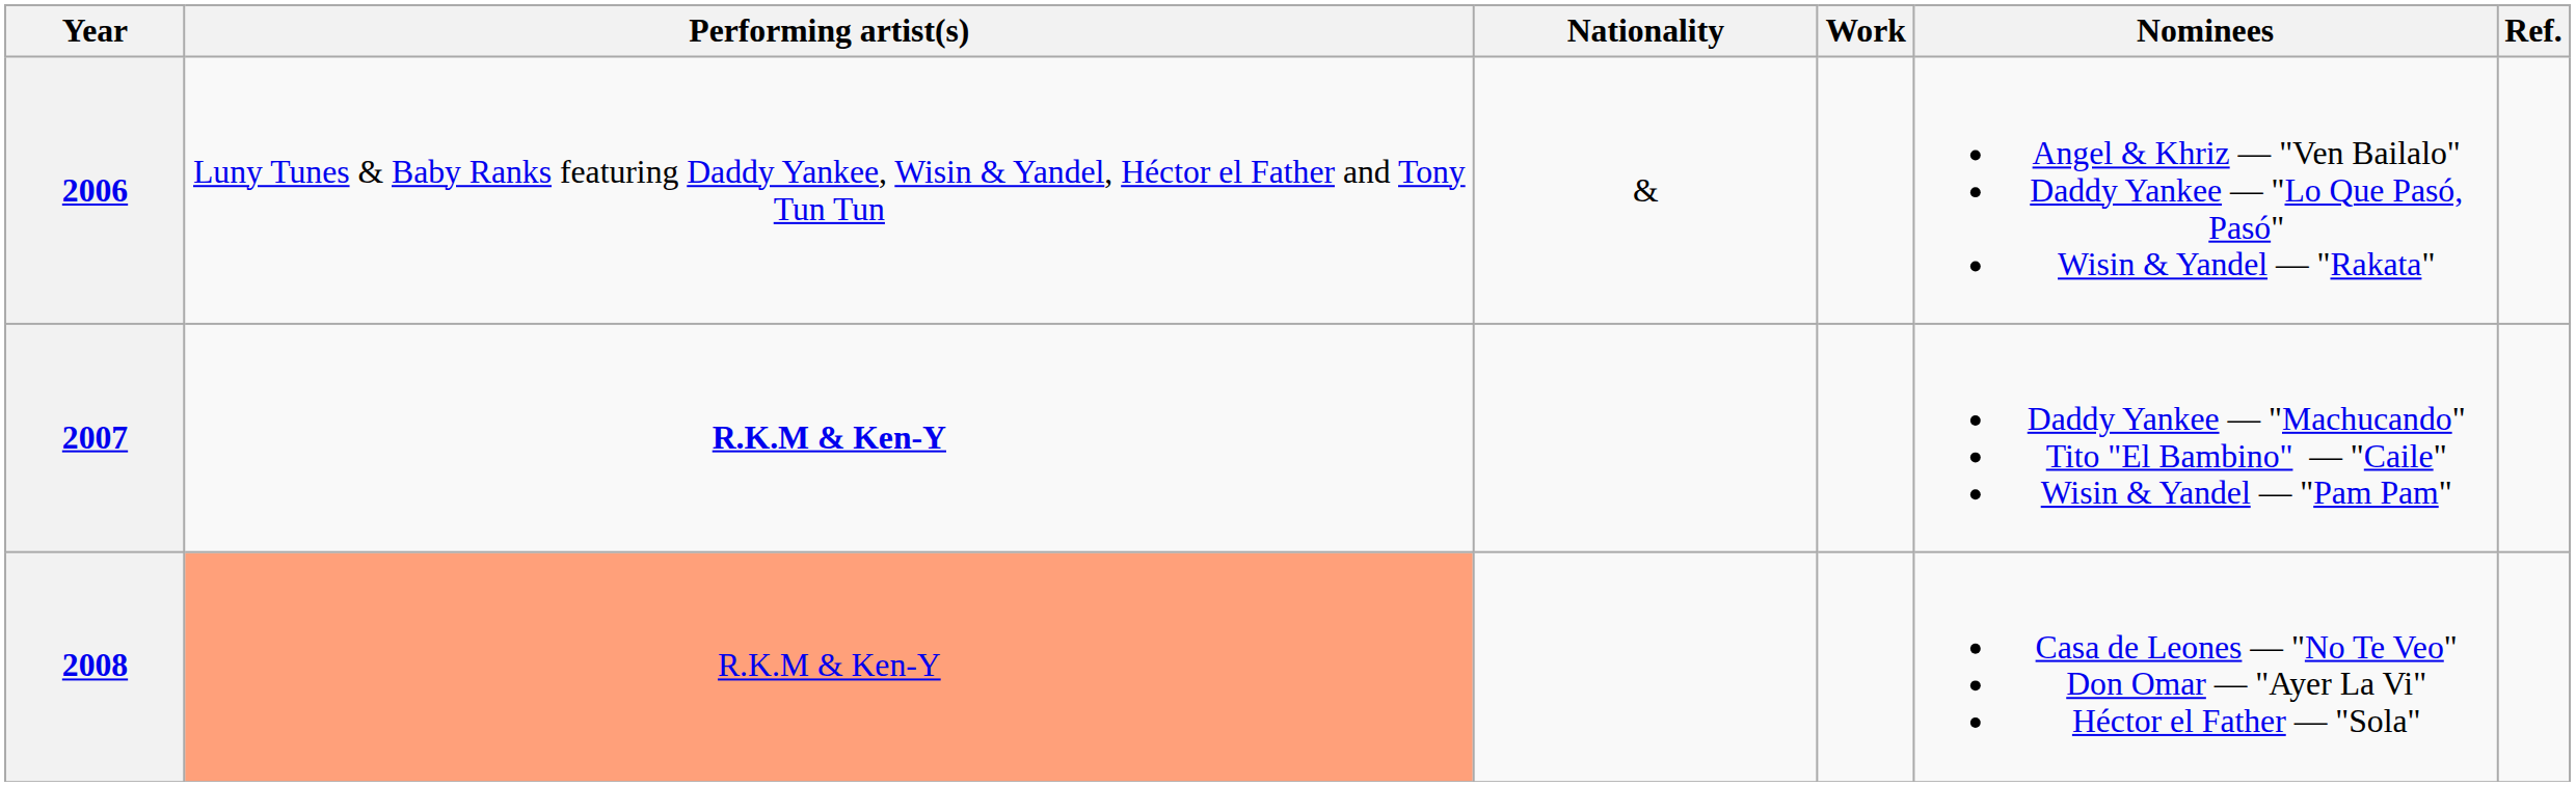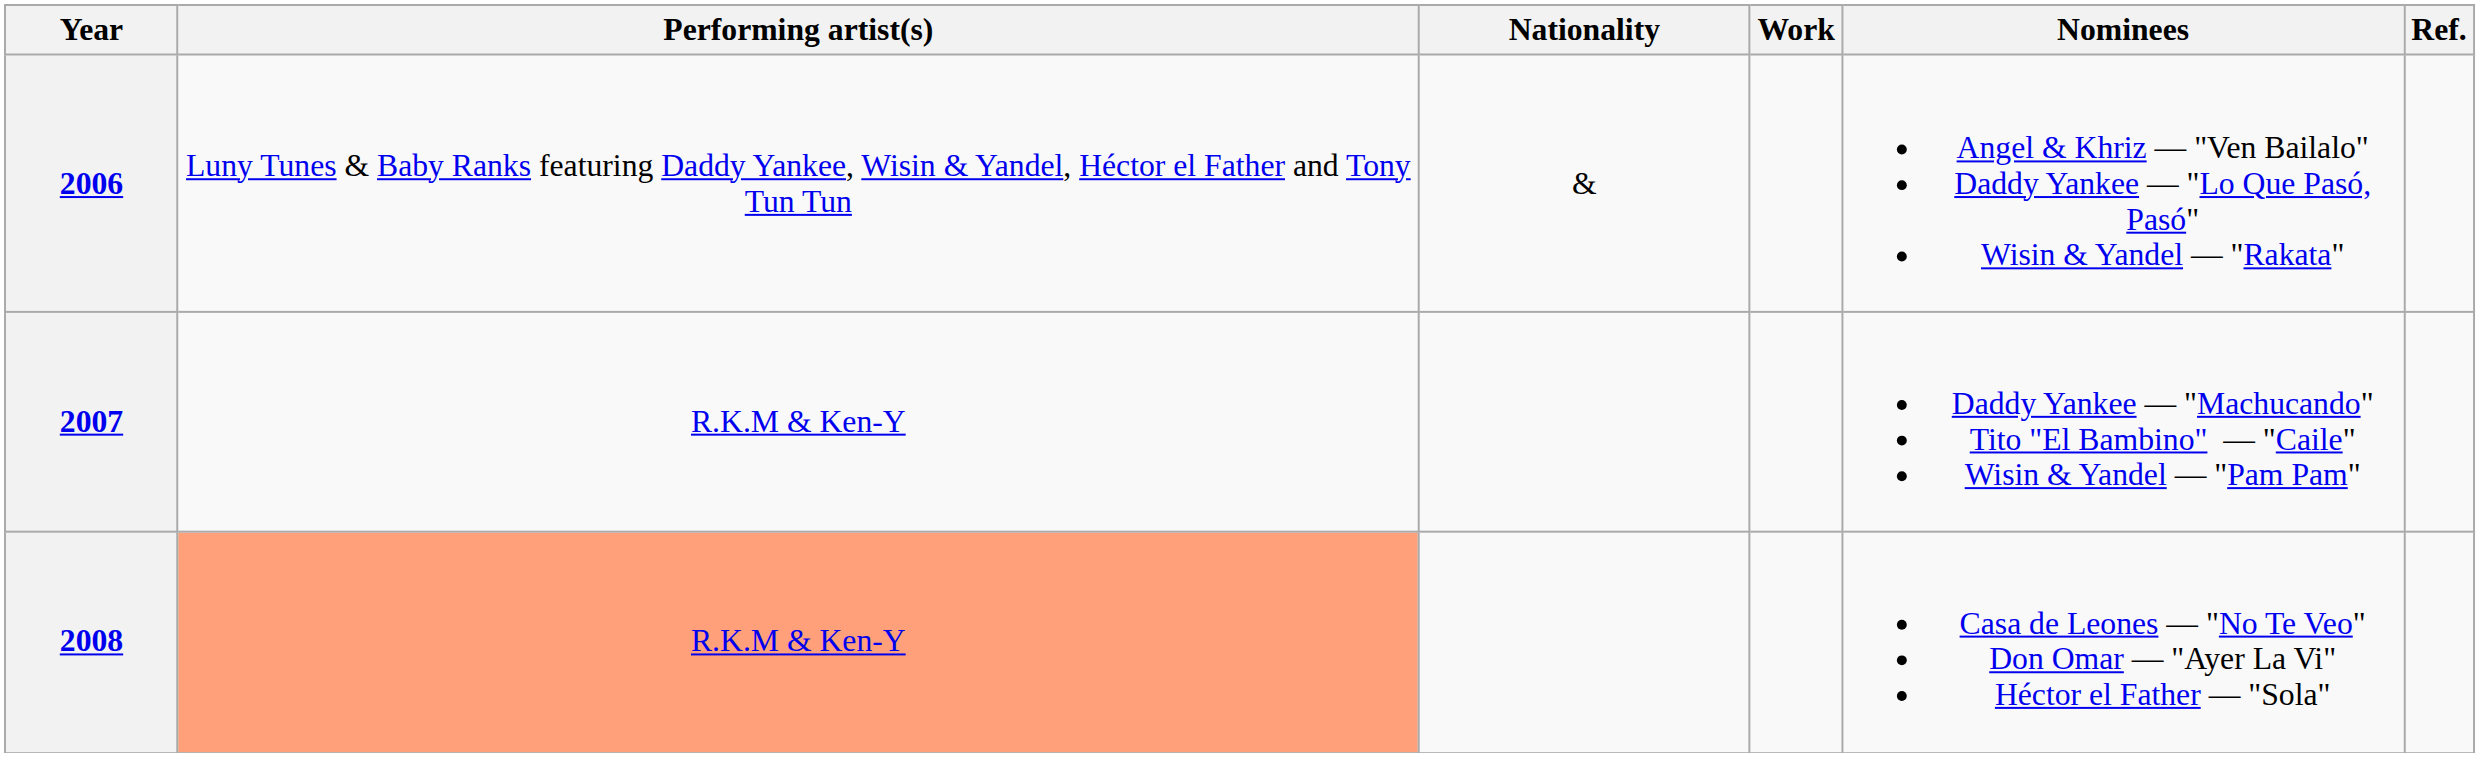 <table class="wikitable plainrowheaders sortable" style="text-align:center;">
 <tr>
 <th scope="col" style="width:5em;">Year</th>
 <th scope="col">Performing artist(s)</th>
 <th scope="col" style="width:10em;">Nationality</th>
 <th scope="col">Work</th>
 <th scope="col" class="unsortable">Nominees</th>
 <th scope="col" class="unsortable">Ref.</th>
 </tr>
 <tr>
 <th scope="row"><a href='#'>2006</a></th>
 <td scope="row"><a href='#'>Luny Tunes</a> & <a href='#'>Baby Ranks</a> featuring <a href='#'>Daddy Yankee</a>, <a href='#'>Wisin & Yandel</a>, <a href='#'>Héctor el Father</a> and <a href='#'>Tony Tun Tun</a></td>
 <td scope="row"> & </td>
 <td scope="row"></td>
 <td scope="row"><br><ul><li><a href='#'>Angel & Khriz</a> — "Ven Bailalo"</li><li><a href='#'>Daddy Yankee</a> — "<a href='#'>Lo Que Pasó, Pasó</a>"</li><li><a href='#'>Wisin & Yandel</a> — "<a href='#'>Rakata</a>"</li></ul></td>
 <td style="text-align:center;"></td>
 </tr>
 <tr>
 <th scope="row"><a href='#'>2007</a></th>
-<td scope="row"><strong><a href='#'>R.K.M & Ken-Y</a></strong></td>
+<td scope="row"><a href='#'>R.K.M & Ken-Y</a></td>
 <td scope="row"></td>
 <td scope="row"></td>
 <td scope="row"><br><ul><li><a href='#'>Daddy Yankee</a> — "<a href='#'>Machucando</a>"</li><li><a href='#'>Tito "El Bambino"</a>  — "<a href='#'>Caile</a>"</li><li><a href='#'>Wisin & Yandel</a> — "<a href='#'>Pam Pam</a>"</li></ul></td>
 <td style="text-align:center;"></td>
 </tr>
 <tr>
 <th scope="row"><a href='#'>2008</a></th>
 <td scope="row" style="background: lightsalmon;"><a href='#'>R.K.M & Ken-Y</a></td>
 <td scope="row"></td>
 <td scope="row"></td>
 <td scope="row"><br><ul><li><a href='#'>Casa de Leones</a> — "<a href='#'>No Te Veo</a>"</li><li><a href='#'>Don Omar</a> — "Ayer La Vi"</li><li><a href='#'>Héctor el Father</a> — "Sola"</li></ul></td>
 <td style="text-align:center;"></td>
 </tr>
 <tr>
 </tr>
 </table>
